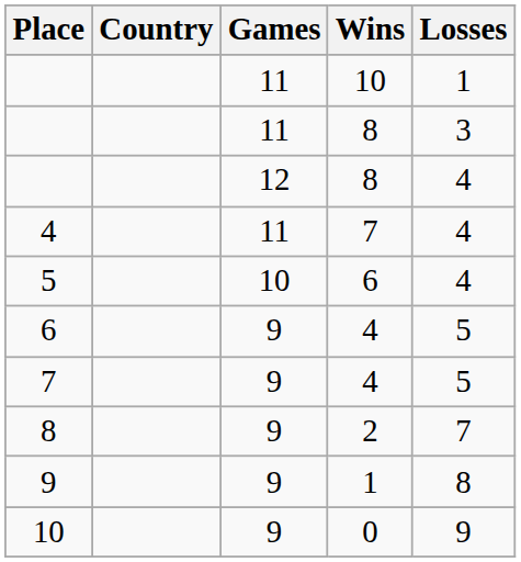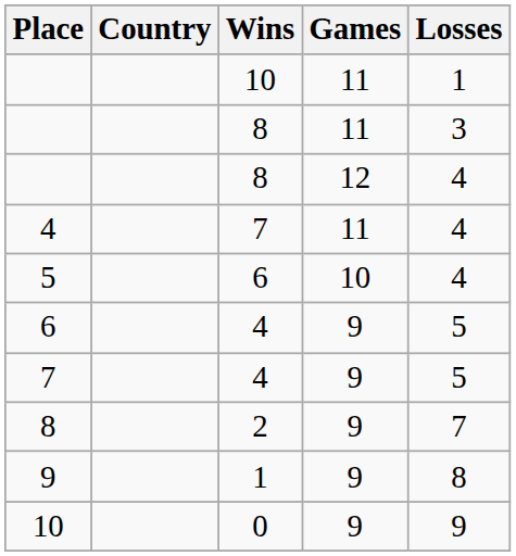 <table class="wikitable" style="text-align:center;">
 <tr>
 <th>Place</th>
 <th>Country</th>
+<th>Wins</th>
 <th>Games</th>
-<th>Wins</th>
 <th>Losses</th>
 </tr>
 <tr>
 <td></td>
 <td align=left></td>
+<td>10</td>
 <td>11</td>
-<td>10</td>
 <td>1</td>
 </tr>
 <tr>
 <td></td>
 <td align=left></td>
+<td>8</td>
 <td>11</td>
-<td>8</td>
 <td>3</td>
 </tr>
 <tr>
 <td></td>
 <td align=left></td>
+<td>8</td>
 <td>12</td>
-<td>8</td>
 <td>4</td>
 </tr>
 <tr>
 <td>4</td>
 <td align=left></td>
+<td>7</td>
 <td>11</td>
-<td>7</td>
 <td>4</td>
 </tr>
 <tr>
 <td>5</td>
 <td align=left></td>
+<td>6</td>
 <td>10</td>
-<td>6</td>
 <td>4</td>
 </tr>
 <tr>
 <td>6</td>
 <td align=left></td>
+<td>4</td>
 <td>9</td>
-<td>4</td>
 <td>5</td>
 </tr>
 <tr>
 <td>7</td>
 <td align=left></td>
+<td>4</td>
 <td>9</td>
-<td>4</td>
 <td>5</td>
 </tr>
 <tr>
 <td>8</td>
 <td align=left></td>
+<td>2</td>
 <td>9</td>
-<td>2</td>
 <td>7</td>
 </tr>
 <tr>
 <td>9</td>
 <td align=left></td>
+<td>1</td>
 <td>9</td>
-<td>1</td>
 <td>8</td>
 </tr>
 <tr>
 <td>10</td>
 <td align=left></td>
+<td>0</td>
 <td>9</td>
-<td>0</td>
 <td>9</td>
 </tr>
 </table>
